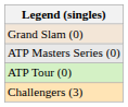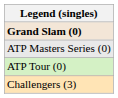 <table class="wikitable">
 <tr>
 <th>Legend (singles)</th>
 </tr>
 <tr style="background:#f3e6d7;">
-<td>Grand Slam (0)</td>
+<td><strong>Grand Slam (0)</strong></td>
 </tr>
 <tr style="background:#e9e9e9;">
 <td>ATP Masters Series (0)</td>
 </tr>
 <tr style="background:#d4f1c5;">
 <td>ATP Tour (0)</td>
 </tr>
 <tr bgcolor="moccasin">
 <td>Challengers (3)</td>
 </tr>
 </table>
